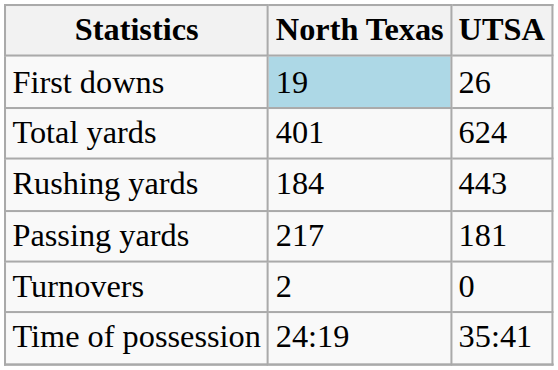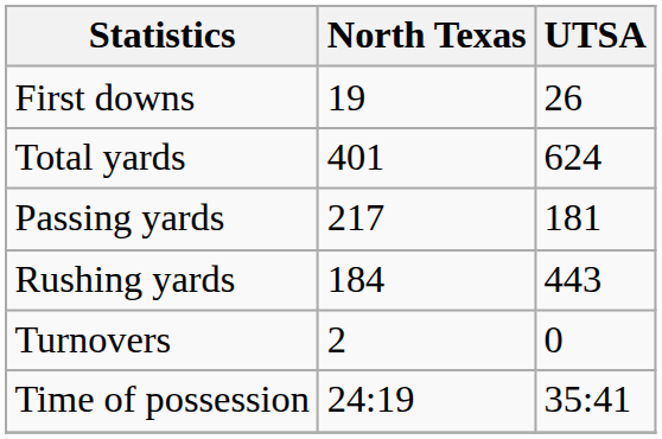 <table class="wikitable">
 <tr>
 <th>Statistics</th>
 <th>North Texas</th>
 <th>UTSA</th>
 </tr>
 <tr>
 <td>First downs</td>
-<td style="background: lightblue;">19</td>
+<td>19</td>
 <td>26</td>
 </tr>
 <tr>
 <td>Total yards</td>
 <td>401</td>
 <td>624</td>
 </tr>
 <tr>
+<td>Passing yards</td>
+<td>217</td>
+<td>181</td>
+</tr>
+<tr>
 <td>Rushing yards</td>
 <td>184</td>
 <td>443</td>
-</tr>
-<tr>
-<td>Passing yards</td>
-<td>217</td>
-<td>181</td>
 </tr>
 <tr>
 <td>Turnovers</td>
 <td>2</td>
 <td>0</td>
 </tr>
 <tr>
 <td>Time of possession</td>
 <td>24:19</td>
 <td>35:41</td>
 </tr>
 <tr>
 </tr>
 </table>
